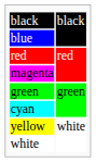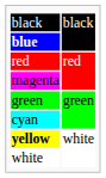 <table class="infobox sidebar">
 <tr>
 <th></th>
 <th></th>
 </tr>
 <tr>
 <td style="color: white; background-color: #000000">black</td>
 <td style="color: white; background-color: #000000" rowspan=2>black</td>
 </tr>
 <tr>
-<td style="color: white; background-color: #0000ff">blue</td>
+<td style="color: white; background-color: #0000ff"><strong>blue</strong></td>
 </tr>
 <tr>
 <td style="color: white; background-color: #ff0000">red</td>
 <td style="color: white; background-color: #ff0000" rowspan=2>red</td>
 </tr>
 <tr>
 <td style="background-color: #ff00ff">magenta</td>
 </tr>
 <tr>
 <td style="background-color: #00ff00">green</td>
 <td style="background-color: #00ff00" rowspan="2">green</td>
 </tr>
 <tr>
 <td style="background-color: #00ffff">cyan</td>
 </tr>
 <tr>
-<td style="background-color: #ffff00">yellow</td>
+<td style="background-color: #ffff00"><strong>yellow</strong></td>
 <td style="background-color: #ffffff" rowspan=2>white</td>
 </tr>
 <tr>
 <td style="background-color: #ffffff">white</td>
 </tr>
 </table>
